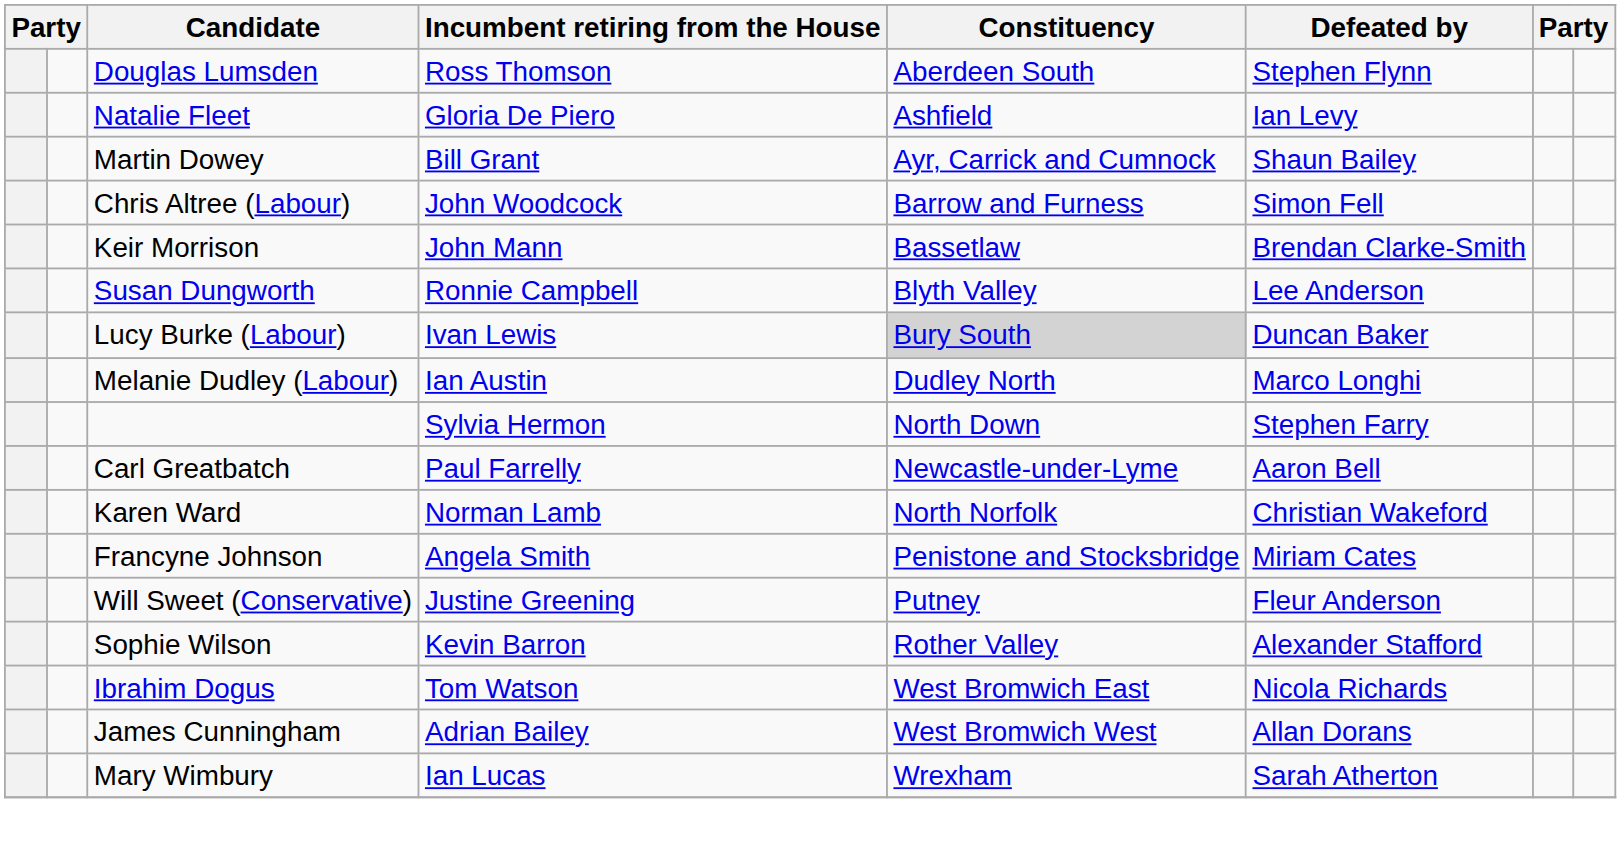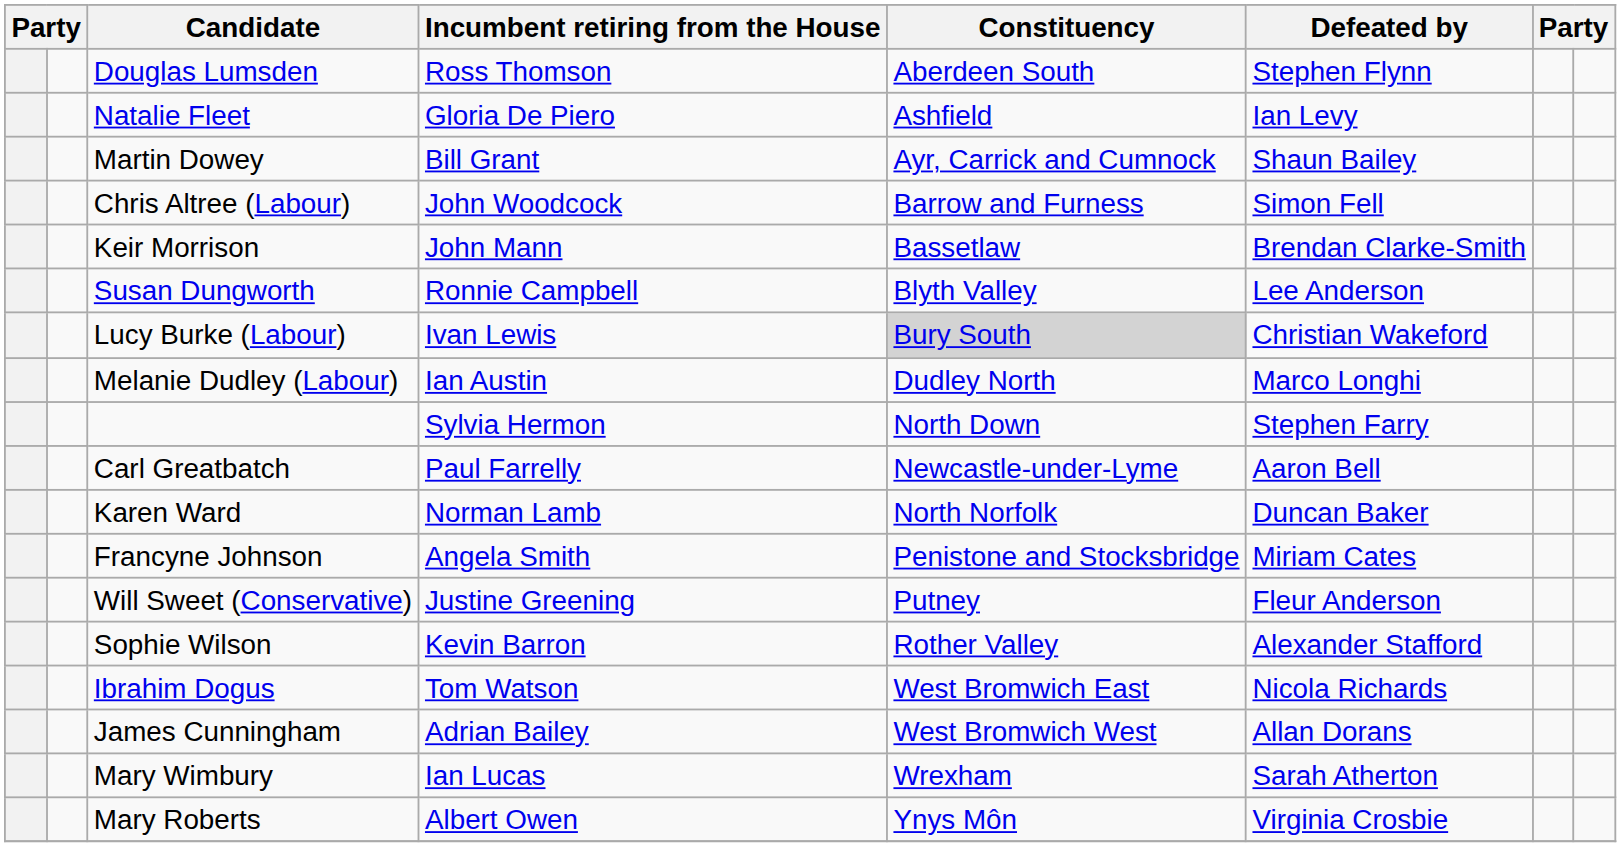 <table class="wikitable sortable" style="font-size: 95%;">
 <tr>
 <th colspan="2">Party</th>
 <th>Candidate</th>
 <th>Incumbent retiring from the House</th>
 <th>Constituency</th>
 <th>Defeated by</th>
 <th colspan="2">Party</th>
 </tr>
 <tr>
 <th style="background-color: "></th>
 <td></td>
 <td data-sort-value="Lumsden, Douglas"><a href='#'>Douglas Lumsden</a></td>
 <td data-sort-value="Thomson, Ross"><a href='#'>Ross Thomson</a></td>
 <td><a href='#'>Aberdeen South</a></td>
 <td data-sort-value="Flynn, Stephen"><a href='#'>Stephen Flynn</a></td>
 <td style="background-color: "></td>
 <td></td>
 </tr>
 <tr>
 <th style="background-color: "></th>
 <td></td>
 <td data-sort-value="Fleet, Natalie"><a href='#'>Natalie Fleet</a></td>
 <td data-sort-value="De Piero, Gloria"><a href='#'>Gloria De Piero</a></td>
 <td><a href='#'>Ashfield</a></td>
 <td data-sort-value="Levy, Ian"><a href='#'>Ian Levy</a></td>
 <td style="background-color: "></td>
 <td></td>
 </tr>
 <tr>
 <th style="background-color: "></th>
 <td></td>
 <td data-sort-value="Dowey, Martin">Martin Dowey</td>
 <td data-sort-value="Grant, Bill"><a href='#'>Bill Grant</a></td>
 <td><a href='#'>Ayr, Carrick and Cumnock</a></td>
 <td data-sort-value="Bailey, Shaun"><a href='#'>Shaun Bailey</a></td>
 <td style="background-color: "></td>
 <td></td>
 </tr>
 <tr>
 <th style="background-color: "></th>
 <td></td>
 <td data-sort-value="Altree, Chris">Chris Altree (<a href='#'>Labour</a>)</td>
 <td data-sort-value="Woodcock, John"><a href='#'>John Woodcock</a></td>
 <td><a href='#'>Barrow and Furness</a></td>
 <td data-sort-value="Fell, Simon"><a href='#'>Simon Fell</a></td>
 <td style="background-color: "></td>
 <td></td>
 </tr>
 <tr>
 <th style="background-color: "></th>
 <td></td>
 <td data-sort-value="Morrison Keir">Keir Morrison</td>
 <td data-sort-value="Mann, John"><a href='#'>John Mann</a></td>
 <td><a href='#'>Bassetlaw</a></td>
 <td data-sort-value="Clarke-Smith, Brendan"><a href='#'>Brendan Clarke-Smith</a></td>
 <td style="background-color: "></td>
 <td></td>
 </tr>
 <tr>
 <th style="background-color: "></th>
 <td></td>
 <td data-sort-value="Dungworth, Susan"><a href='#'>Susan Dungworth</a></td>
 <td data-sort-value="Campbell, Ronnie"><a href='#'>Ronnie Campbell</a></td>
 <td><a href='#'>Blyth Valley</a></td>
 <td data-sort-value="Anderson, Lee"><a href='#'>Lee Anderson</a></td>
 <td style="background-color: "></td>
 <td></td>
 </tr>
 <tr>
 <th style="background-color: "></th>
 <td></td>
 <td data-sort-value="Burke, Lucy">Lucy Burke (<a href='#'>Labour</a>)</td>
 <td data-sort-value="Lewis, Ivan"><a href='#'>Ivan Lewis</a></td>
 <td style="background: lightgrey;"><a href='#'>Bury South</a></td>
-<td data-sort-value="Baker, Duncan"><a href='#'>Duncan Baker</a></td>
+<td data-sort-value="Wakeford, Christian"><a href='#'>Christian Wakeford</a></td>
 <td style="background-color: "></td>
 <td></td>
 </tr>
 <tr>
 <th style="background-color: "></th>
 <td></td>
 <td data-sort-value="Dudley, Melanie">Melanie Dudley (<a href='#'>Labour</a>)</td>
 <td data-sort-value="Austin, Ian"><a href='#'>Ian Austin</a></td>
 <td><a href='#'>Dudley North</a></td>
 <td data-sort-value="Longhi, Marco"><a href='#'>Marco Longhi</a></td>
 <td style="background-color: "></td>
 <td></td>
 </tr>
 <tr>
 <th style="background-color: "></th>
 <td></td>
 <td></td>
 <td data-sort-value="Hermon, Sylvia"><a href='#'>Sylvia Hermon</a></td>
 <td><a href='#'>North Down</a></td>
 <td data-sort-value="Farry, Stephen"><a href='#'>Stephen Farry</a></td>
 <td style="background-color: "></td>
 <td></td>
 </tr>
 <tr>
 <th style="background-color: "></th>
 <td></td>
 <td data-sort-value="Greatbatch, Carl">Carl Greatbatch</td>
 <td data-sort-value="Farrelly, Paul"><a href='#'>Paul Farrelly</a></td>
 <td><a href='#'>Newcastle-under-Lyme</a></td>
 <td data-sort-value="Bell, Aaron"><a href='#'>Aaron Bell</a></td>
 <td style="background-color: "></td>
 <td></td>
 </tr>
 <tr>
 <th style="background-color: "></th>
 <td></td>
 <td data-sort-value="Ward, Karen">Karen Ward</td>
 <td data-sort-value="Lamb, Norman"><a href='#'>Norman Lamb</a></td>
 <td><a href='#'>North Norfolk</a></td>
-<td data-sort-value="Wakeford, Christian"><a href='#'>Christian Wakeford</a></td>
+<td data-sort-value="Baker, Duncan"><a href='#'>Duncan Baker</a></td>
 <td style="background-color: "></td>
 <td></td>
 </tr>
 <tr>
 <th style="background-color: "></th>
 <td></td>
 <td data-sort-value="Johnson, Francyne">Francyne Johnson</td>
 <td data-sort-value="Smith, Angela"><a href='#'>Angela Smith</a></td>
 <td><a href='#'>Penistone and Stocksbridge</a></td>
 <td data-sort-value="Cates, Miriam"><a href='#'>Miriam Cates</a></td>
 <td style="background-color: "></td>
 <td></td>
 </tr>
 <tr>
 <th style="background-color: "></th>
 <td></td>
 <td data-sort-value="Sweet, Will">Will Sweet (<a href='#'>Conservative</a>)</td>
 <td data-sort-value="Greening, Justine"><a href='#'>Justine Greening</a></td>
 <td><a href='#'>Putney</a></td>
 <td data-sort-value="Anderson, Fleur"><a href='#'>Fleur Anderson</a></td>
 <td style="background-color: "></td>
 <td></td>
 </tr>
 <tr>
 <th style="background-color: "></th>
 <td></td>
 <td data-sort-value="Wilson, Sophie">Sophie Wilson</td>
 <td data-sort-value="Barron, Kevin"><a href='#'>Kevin Barron</a></td>
 <td><a href='#'>Rother Valley</a></td>
 <td data-sort-value="Stafford, Alexander"><a href='#'>Alexander Stafford</a></td>
 <td style="background-color: "></td>
 <td></td>
 </tr>
 <tr>
 <th style="background-color: "></th>
 <td></td>
 <td data-sort-value="Dogus, Ibrahim"><a href='#'>Ibrahim Dogus</a></td>
 <td data-sort-value="Watson, Tom"><a href='#'>Tom Watson</a></td>
 <td><a href='#'>West Bromwich East</a></td>
 <td data-sort-value="Richards, Nicola"><a href='#'>Nicola Richards</a></td>
 <td style="background-color: "></td>
 <td></td>
 </tr>
 <tr>
 <th style="background-color: "></th>
 <td></td>
 <td data-sort-value="Cunningham, James">James Cunningham</td>
 <td data-sort-value="Bailey, Adrian"><a href='#'>Adrian Bailey</a></td>
 <td><a href='#'>West Bromwich West</a></td>
 <td data-sort-value="Dorans, Allan"><a href='#'>Allan Dorans</a></td>
 <td style="background-color: "></td>
 <td></td>
 </tr>
 <tr>
 <th style="background-color: "></th>
 <td></td>
 <td data-sort-value="Wimbury, Mary">Mary Wimbury</td>
 <td data-sort-value="Lucas, Ian"><a href='#'>Ian Lucas</a></td>
 <td><a href='#'>Wrexham</a></td>
 <td data-sort-value="Atherton, Sarah"><a href='#'>Sarah Atherton</a></td>
 <td style="background-color: "></td>
 <td></td>
 </tr>
 <tr>
+<th style="background-color: "></th>
+<td></td>
+<td data-sort-value="Roberts, Mary">Mary Roberts</td>
+<td data-sort-value="Owen, Albert"><a href='#'>Albert Owen</a></td>
+<td><a href='#'>Ynys Môn</a></td>
+<td data-sort-value="Crosbie, Virginia"><a href='#'>Virginia Crosbie</a></td>
+<td style="background-color: "></td>
+<td></td>
+</tr>
+<tr>
 </tr>
 </table>
